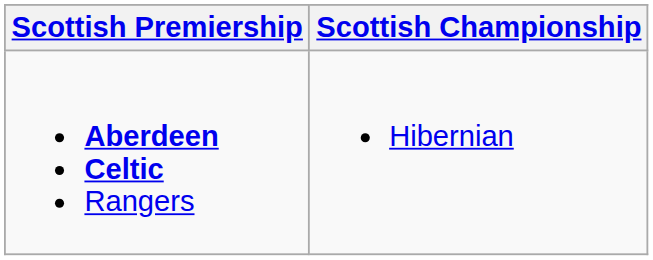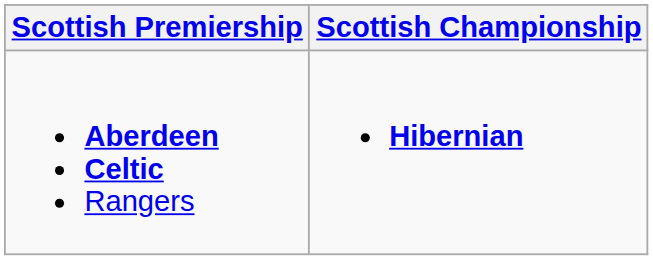 <table class="wikitable" style="text-align:left">
 <tr>
 <th><a href='#'>Scottish Premiership</a></th>
 <th><a href='#'>Scottish Championship</a></th>
 </tr>
 <tr>
 <td valign=top><br><ul><li><strong><a href='#'>Aberdeen</a></strong></li><li><strong><a href='#'>Celtic</a></strong></li><li><a href='#'>Rangers</a></li></ul></td>
-<td valign=top><br><ul><li><a href='#'>Hibernian</a></li></ul></td>
+<td valign=top><strong><br><ul><li><a href='#'>Hibernian</a></li></ul></strong></td>
 </tr>
 </table>
